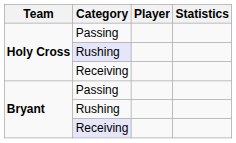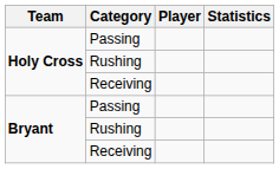 <table class="wikitable" style="float: right;">
 <tr>
 <th>Team</th>
 <th>Category</th>
 <th>Player</th>
 <th>Statistics</th>
 </tr>
 <tr>
 <td rowspan=3><strong>Holy Cross</strong></td>
 <td>Passing</td>
 <td></td>
 <td></td>
 </tr>
 <tr>
-<td style="background: lavender;">Rushing</td>
+<td>Rushing</td>
 <td></td>
 <td></td>
 </tr>
 <tr>
 <td>Receiving</td>
 <td></td>
 <td></td>
 </tr>
 <tr>
 <td rowspan=3><strong>Bryant</strong></td>
 <td>Passing</td>
 <td></td>
 <td></td>
 </tr>
 <tr>
 <td>Rushing</td>
 <td></td>
 <td></td>
 </tr>
 <tr>
-<td style="background: lavender;">Receiving</td>
+<td>Receiving</td>
 <td></td>
 <td></td>
 </tr>
 </table>
